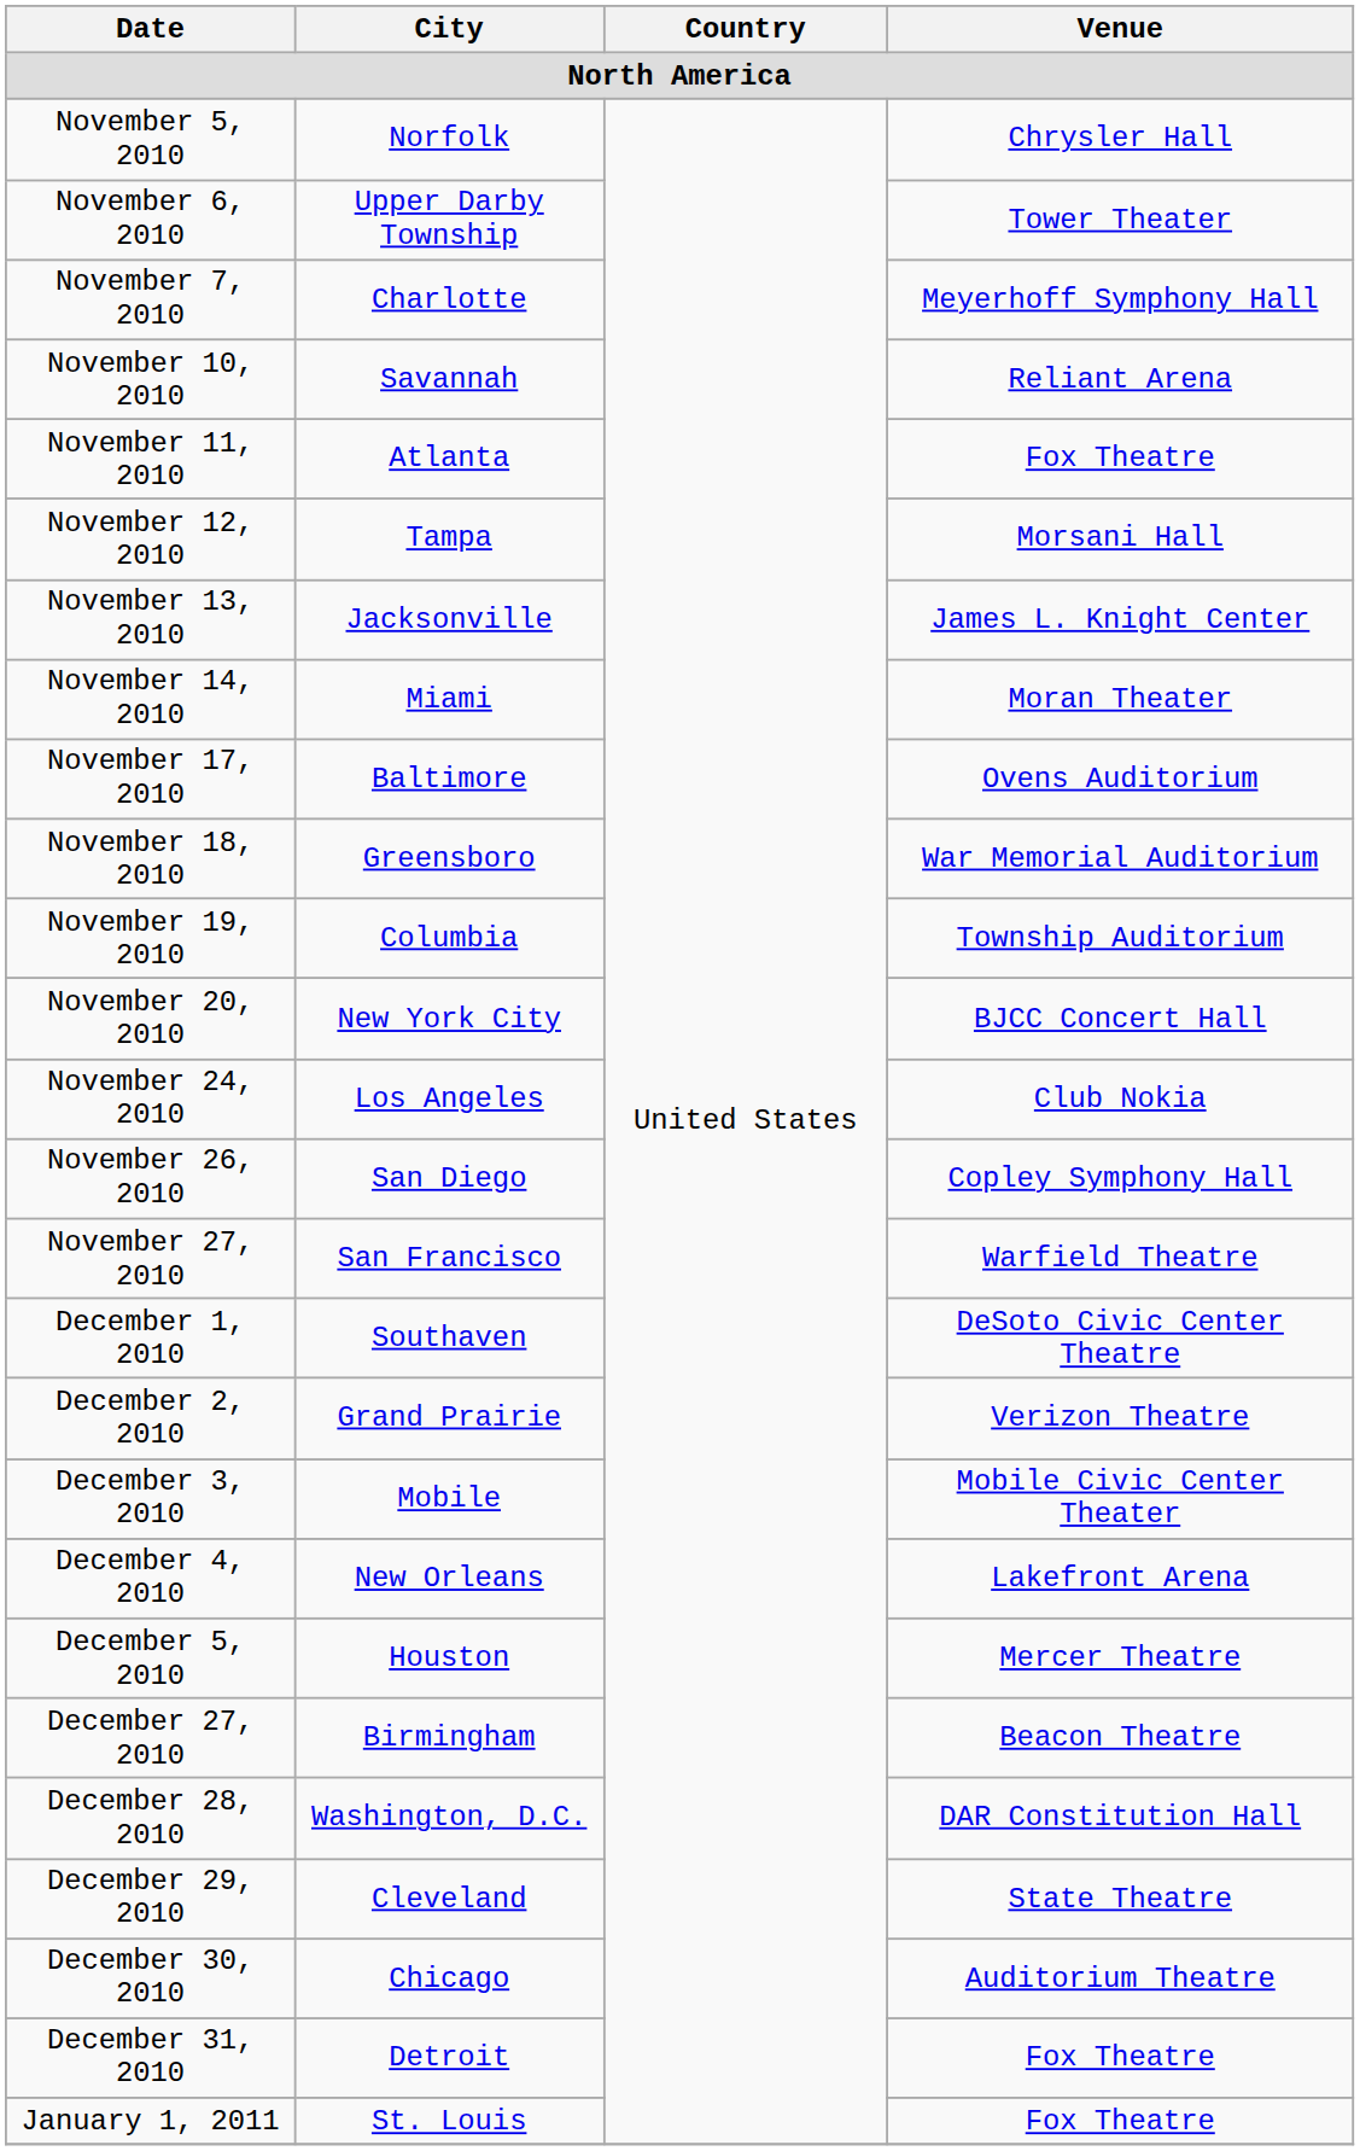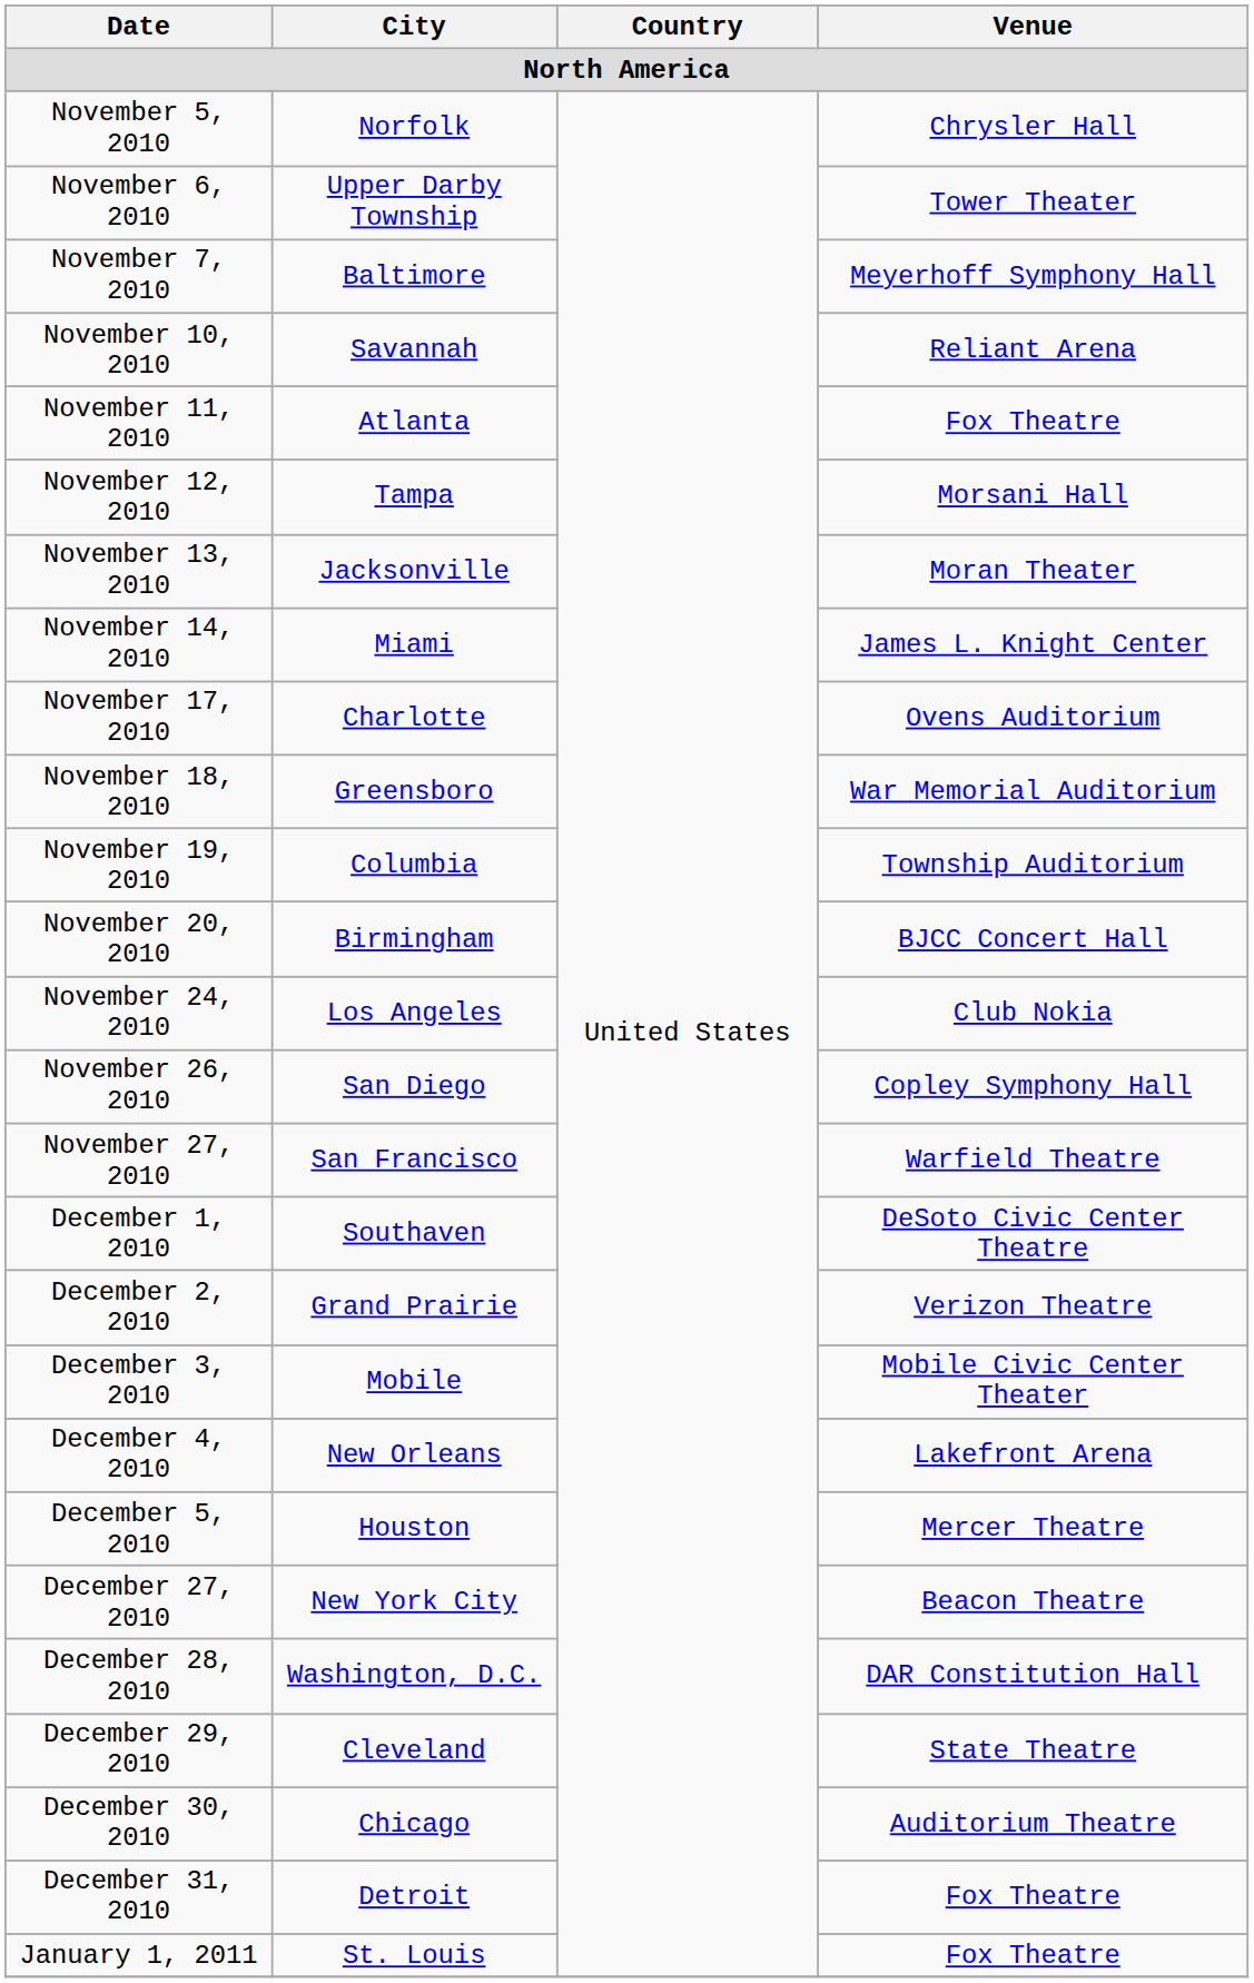 <table class="wikitable" style="text-align:center;">
 <tr>
 <th width="150">Date</th>
 <th width="150">City</th>
 <th width="150">Country</th>
 <th width="250">Venue</th>
 </tr>
 <tr bgcolor="#DDDDDD">
 <td colspan="4"><strong>North America</strong></td>
 </tr>
 <tr>
 <td>November 5, 2010</td>
 <td><a href='#'>Norfolk</a></td>
 <td rowspan="26">United States</td>
 <td><a href='#'>Chrysler Hall</a></td>
 </tr>
 <tr>
 <td>November 6, 2010</td>
 <td><a href='#'>Upper Darby Township</a></td>
 <td><a href='#'>Tower Theater</a></td>
 </tr>
 <tr>
 <td>November 7, 2010</td>
-<td><a href='#'>Charlotte</a></td>
+<td><a href='#'>Baltimore</a></td>
 <td><a href='#'>Meyerhoff Symphony Hall</a></td>
 </tr>
 <tr>
 <td>November 10, 2010</td>
 <td><a href='#'>Savannah</a></td>
 <td><a href='#'>Reliant Arena</a></td>
 </tr>
 <tr>
 <td>November 11, 2010</td>
 <td><a href='#'>Atlanta</a></td>
 <td><a href='#'>Fox Theatre</a></td>
 </tr>
 <tr>
 <td>November 12, 2010</td>
 <td><a href='#'>Tampa</a></td>
 <td><a href='#'>Morsani Hall</a></td>
 </tr>
 <tr>
 <td>November 13, 2010</td>
 <td><a href='#'>Jacksonville</a></td>
-<td><a href='#'>James L. Knight Center</a></td>
+<td><a href='#'>Moran Theater</a></td>
 </tr>
 <tr>
 <td>November 14, 2010</td>
 <td><a href='#'>Miami</a></td>
-<td><a href='#'>Moran Theater</a></td>
+<td><a href='#'>James L. Knight Center</a></td>
 </tr>
 <tr>
 <td>November 17, 2010</td>
-<td><a href='#'>Baltimore</a></td>
+<td><a href='#'>Charlotte</a></td>
 <td><a href='#'>Ovens Auditorium</a></td>
 </tr>
 <tr>
 <td>November 18, 2010</td>
 <td><a href='#'>Greensboro</a></td>
 <td><a href='#'>War Memorial Auditorium</a></td>
 </tr>
 <tr>
 <td>November 19, 2010</td>
 <td><a href='#'>Columbia</a></td>
 <td><a href='#'>Township Auditorium</a></td>
 </tr>
 <tr>
 <td>November 20, 2010</td>
-<td><a href='#'>New York City</a></td>
+<td><a href='#'>Birmingham</a></td>
 <td><a href='#'>BJCC Concert Hall</a></td>
 </tr>
 <tr>
 <td>November 24, 2010</td>
 <td><a href='#'>Los Angeles</a></td>
 <td><a href='#'>Club Nokia</a></td>
 </tr>
 <tr>
 <td>November 26, 2010</td>
 <td><a href='#'>San Diego</a></td>
 <td><a href='#'>Copley Symphony Hall</a></td>
 </tr>
 <tr>
 <td>November 27, 2010</td>
 <td><a href='#'>San Francisco</a></td>
 <td><a href='#'>Warfield Theatre</a></td>
 </tr>
 <tr>
 <td>December 1, 2010</td>
 <td><a href='#'>Southaven</a></td>
 <td><a href='#'>DeSoto Civic Center Theatre</a></td>
 </tr>
 <tr>
 <td>December 2, 2010</td>
 <td><a href='#'>Grand Prairie</a></td>
 <td><a href='#'>Verizon Theatre</a></td>
 </tr>
 <tr>
 <td>December 3, 2010</td>
 <td><a href='#'>Mobile</a></td>
 <td><a href='#'>Mobile Civic Center Theater</a></td>
 </tr>
 <tr>
 <td>December 4, 2010</td>
 <td><a href='#'>New Orleans</a></td>
 <td><a href='#'>Lakefront Arena</a></td>
 </tr>
 <tr>
 <td>December 5, 2010</td>
 <td><a href='#'>Houston</a></td>
 <td><a href='#'>Mercer Theatre</a></td>
 </tr>
 <tr>
 <td>December 27, 2010</td>
-<td><a href='#'>Birmingham</a></td>
+<td><a href='#'>New York City</a></td>
 <td><a href='#'>Beacon Theatre</a></td>
 </tr>
 <tr>
 <td>December 28, 2010</td>
 <td><a href='#'>Washington, D.C.</a></td>
 <td><a href='#'>DAR Constitution Hall</a></td>
 </tr>
 <tr>
 <td>December 29, 2010</td>
 <td><a href='#'>Cleveland</a></td>
 <td><a href='#'>State Theatre</a></td>
 </tr>
 <tr>
 <td>December 30, 2010</td>
 <td><a href='#'>Chicago</a></td>
 <td><a href='#'>Auditorium Theatre</a></td>
 </tr>
 <tr>
 <td>December 31, 2010</td>
 <td><a href='#'>Detroit</a></td>
 <td><a href='#'>Fox Theatre</a></td>
 </tr>
 <tr>
 <td>January 1, 2011</td>
 <td><a href='#'>St. Louis</a></td>
 <td><a href='#'>Fox Theatre</a></td>
 </tr>
 <tr>
 </tr>
 </table>
